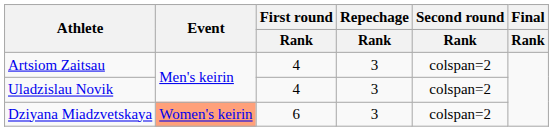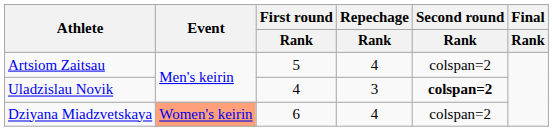 <table class="wikitable" style="text-align:center; font-size:90%">
 <tr>
 <th rowspan=2>Athlete</th>
 <th rowspan=2>Event</th>
 <th>First round</th>
 <th>Repechage</th>
 <th>Second round</th>
 <th>Final</th>
 </tr>
 <tr style="font-size:95%">
 <th>Rank</th>
 <th>Rank</th>
 <th>Rank</th>
 <th>Rank</th>
 </tr>
 <tr>
 <td align=left><a href='#'>Artsiom Zaitsau</a></td>
 <td rowspan=2 align=left><a href='#'>Men's keirin</a></td>
+<td>5</td>
 <td>4</td>
-<td>3</td>
 <td>colspan=2 </td>
 </tr>
 <tr>
 <td align=left><a href='#'>Uladzislau Novik</a></td>
 <td>4</td>
 <td>3</td>
-<td>colspan=2 </td>
+<td><strong>colspan=2 </strong></td>
 </tr>
 <tr>
 <td align=left><a href='#'>Dziyana Miadzvetskaya</a></td>
 <td align=left style="background: lightsalmon;"><a href='#'>Women's keirin</a></td>
 <td>6</td>
-<td>3</td>
+<td>4</td>
 <td>colspan=2 </td>
 </tr>
 </table>
